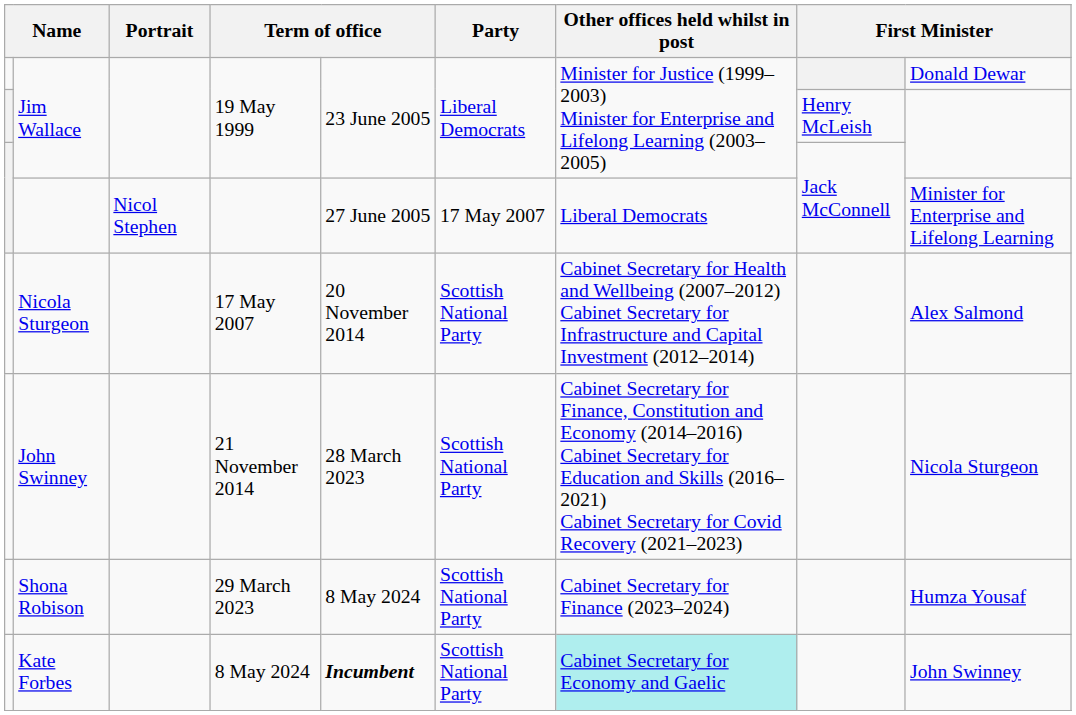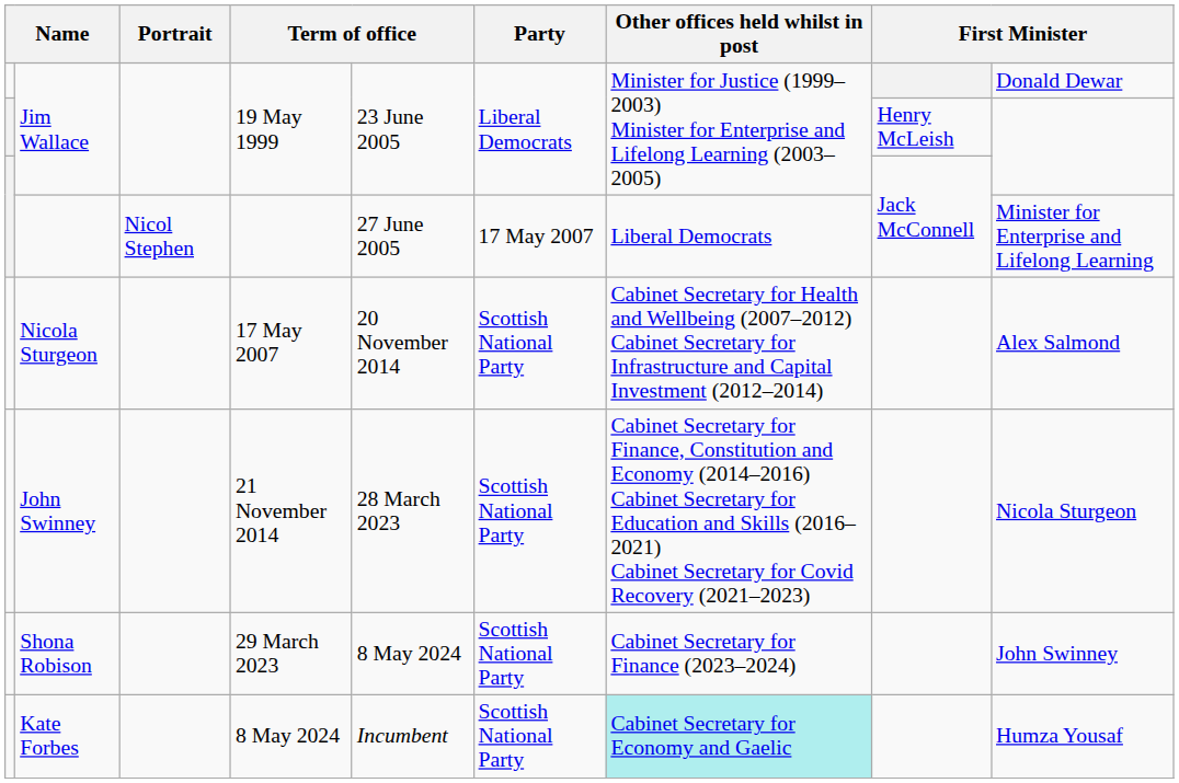 <table class="wikitable">
 <tr>
 <th colspan=2>Name</th>
 <th width=75>Portrait</th>
 <th colspan="2">Term of office</th>
 <th>Party</th>
 <th>Other offices held whilst in post</th>
 <th colspan="3" width="150">First Minister</th>
 </tr>
 <tr>
 <td></td>
 <td rowspan="3"><a href='#'>Jim Wallace</a></td>
 <td rowspan="3"></td>
 <td rowspan="3">19 May 1999</td>
 <td rowspan="3">23 June 2005</td>
 <td rowspan="3"><a href='#'>Liberal Democrats</a></td>
 <td rowspan="3"><a href='#'>Minister for Justice</a> (1999–2003)<br><a href='#'>Minister for Enterprise and Lifelong Learning</a> (2003–2005)</td>
 <th style="background-color: "></th>
 <td><a href='#'>Donald Dewar</a></td>
 </tr>
 <tr>
 <th style="background-color: "></th>
 <td><a href='#'>Henry McLeish</a></td>
 </tr>
 <tr>
 <th height=15 rowspan=2 style="background-color: "></th>
 <td rowspan=2><a href='#'>Jack McConnell</a></td>
 </tr>
 <tr>
 <td></td>
 <td><a href='#'>Nicol Stephen</a></td>
 <td></td>
 <td>27 June 2005</td>
 <td>17 May 2007</td>
 <td><a href='#'>Liberal Democrats</a></td>
 <td><a href='#'>Minister for Enterprise and Lifelong Learning</a></td>
 </tr>
 <tr>
 <td></td>
 <td><a href='#'>Nicola Sturgeon</a></td>
 <td></td>
 <td>17 May 2007</td>
 <td>20 November 2014</td>
 <td><a href='#'>Scottish National Party</a></td>
 <td><a href='#'>Cabinet Secretary for Health and Wellbeing</a> (2007–2012)<br><a href='#'>Cabinet Secretary for Infrastructure and Capital Investment</a> (2012–2014)</td>
 <td></td>
 <td><a href='#'>Alex Salmond</a></td>
 </tr>
 <tr>
 <td></td>
 <td><a href='#'>John Swinney</a></td>
 <td></td>
 <td>21 November 2014</td>
 <td>28 March 2023</td>
 <td><a href='#'>Scottish National Party</a></td>
 <td><a href='#'>Cabinet Secretary for Finance, Constitution and Economy</a> (2014–2016)<br><a href='#'>Cabinet Secretary for Education and Skills</a> (2016–2021)<br><a href='#'>Cabinet Secretary for Covid Recovery</a> (2021–2023)</td>
 <td></td>
 <td><a href='#'>Nicola Sturgeon</a></td>
 </tr>
 <tr>
 <td></td>
 <td><a href='#'>Shona Robison</a></td>
 <td></td>
 <td>29 March 2023</td>
 <td>8 May 2024</td>
 <td><a href='#'>Scottish National Party</a></td>
 <td><a href='#'>Cabinet Secretary for Finance</a> (2023–2024)</td>
 <td></td>
-<td><a href='#'>Humza Yousaf</a></td>
+<td><a href='#'>John Swinney</a></td>
 </tr>
 <tr>
 <td></td>
 <td><a href='#'>Kate Forbes</a></td>
 <td></td>
 <td>8 May 2024</td>
-<td><strong><em>Incumbent</em></strong></td>
+<td><em>Incumbent</em></td>
 <td><a href='#'>Scottish National Party</a></td>
 <td style="background: paleturquoise;"><a href='#'>Cabinet Secretary for Economy and Gaelic</a></td>
 <td></td>
-<td><a href='#'>John Swinney</a></td>
+<td><a href='#'>Humza Yousaf</a></td>
 </tr>
 <tr>
 </tr>
 </table>
